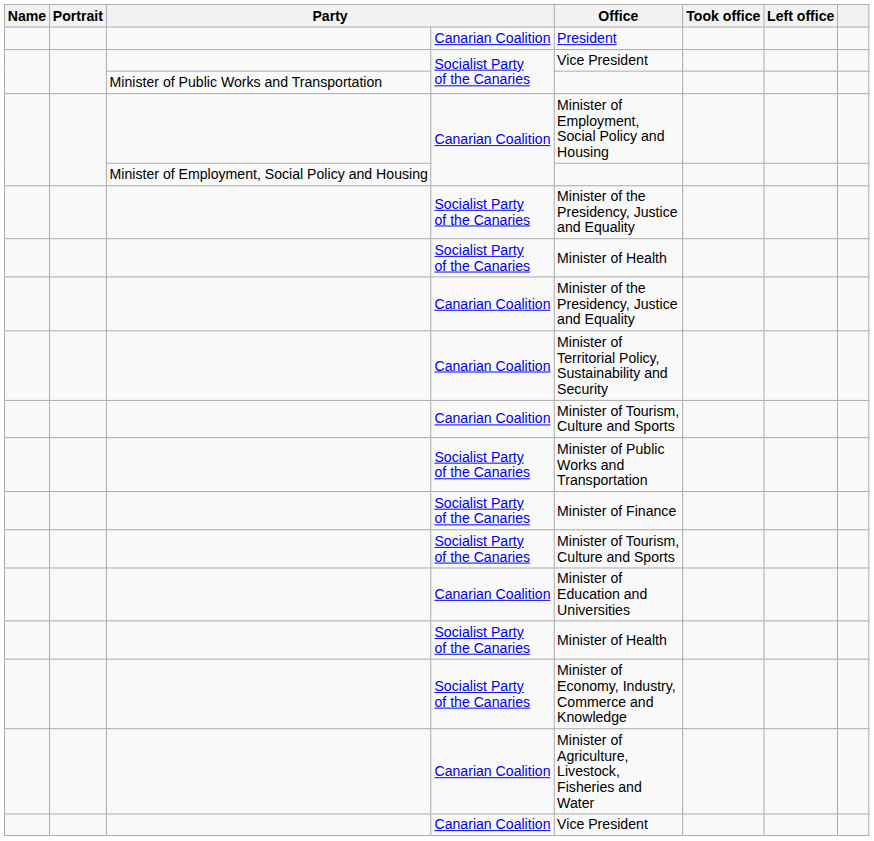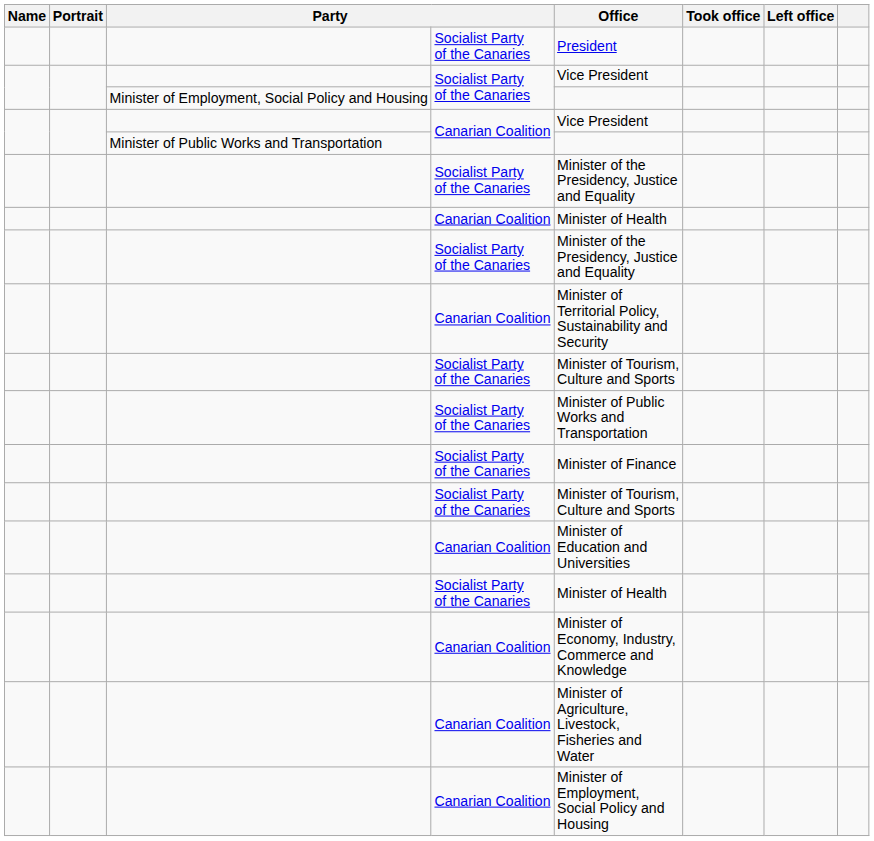 <table class="wikitable plainrowheaders sortable" style="font-size:90%; text-align:left;">
 <tr>
 <th scope=col>Name</th>
 <th scope=col class=unsortable>Portrait</th>
 <th scope=col colspan="2">Party</th>
 <th scope=col width=125px>Office</th>
 <th scope=col>Took office</th>
 <th scope=col>Left office</th>
 <th scope=col width=25px class=unsortable></th>
 </tr>
 <tr>
 <td style="white-space: nowrap;"></td>
 <td align=center></td>
 <td !align="center" style="background:"></td>
-<td><a href='#'>Canarian Coalition</a></td>
+<td><a href='#'>Socialist Party<br>of the Canaries</a></td>
 <td><a href='#'>President</a></td>
 <td align=center></td>
 <td align=center></td>
 <td align=center></td>
 </tr>
 <tr>
 <td style="white-space: nowrap;" rowspan=2></td>
 <td align=center rowspan=2></td>
 <td !align="center" style="background:"></td>
 <td rowspan=2><a href='#'>Socialist Party<br>of the Canaries</a></td>
 <td>Vice President</td>
 <td align=center></td>
 <td align=center></td>
 <td align=center></td>
 </tr>
 <tr>
-<td>Minister of Public Works and Transportation</td>
+<td>Minister of Employment, Social Policy and Housing</td>
 <td align=center></td>
 <td align=center></td>
 <td align=center></td>
 </tr>
 <tr>
 <td style="white-space: nowrap;" rowspan=2></td>
 <td align=center rowspan=2></td>
 <td !align="center" style="background:"></td>
 <td rowspan=2><a href='#'>Canarian Coalition</a></td>
-<td>Minister of Employment, Social Policy and Housing</td>
+<td>Vice President</td>
 <td align=center></td>
 <td align=center></td>
 <td align=center></td>
 </tr>
 <tr>
-<td>Minister of Employment, Social Policy and Housing</td>
+<td>Minister of Public Works and Transportation</td>
 <td align=center></td>
 <td align=center></td>
 <td align=center></td>
 </tr>
 <tr>
 <td style="white-space: nowrap;"></td>
 <td align=center></td>
 <td !align="center" style="background:"></td>
 <td><a href='#'>Socialist Party<br>of the Canaries</a></td>
 <td>Minister of the Presidency, Justice and Equality</td>
 <td align=center></td>
 <td align=center></td>
 <td align=center></td>
 </tr>
 <tr>
 <td style="white-space: nowrap;"></td>
 <td align=center></td>
 <td !align="center" style="background:"></td>
-<td><a href='#'>Socialist Party<br>of the Canaries</a></td>
+<td><a href='#'>Canarian Coalition</a></td>
 <td>Minister of Health</td>
 <td align=center></td>
 <td align=center></td>
 <td align=center></td>
 </tr>
 <tr>
 <td style="white-space: nowrap;"></td>
 <td align=center></td>
 <td !align="center" style="background:"></td>
-<td><a href='#'>Canarian Coalition</a></td>
+<td><a href='#'>Socialist Party<br>of the Canaries</a></td>
 <td>Minister of the Presidency, Justice and Equality</td>
 <td align=center></td>
 <td align=center></td>
 <td align=center></td>
 </tr>
 <tr>
 <td style="white-space: nowrap;"></td>
 <td align=center></td>
 <td !align="center" style="background:"></td>
 <td><a href='#'>Canarian Coalition</a></td>
 <td>Minister of Territorial Policy, Sustainability and Security</td>
 <td align=center></td>
 <td align=center></td>
 <td align=center></td>
 </tr>
 <tr>
 <td style="white-space: nowrap;"></td>
 <td align=center></td>
 <td !align="center" style="background:"></td>
-<td><a href='#'>Canarian Coalition</a></td>
+<td><a href='#'>Socialist Party<br>of the Canaries</a></td>
 <td>Minister of Tourism, Culture and Sports</td>
 <td align=center></td>
 <td align=center></td>
 <td align=center><br></td>
 </tr>
 <tr>
 <td style="white-space: nowrap;"></td>
 <td align=center></td>
 <td !align="center" style="background:"></td>
 <td><a href='#'>Socialist Party<br>of the Canaries</a></td>
 <td>Minister of Public Works and Transportation</td>
 <td align=center></td>
 <td align=center></td>
 <td align=center></td>
 </tr>
 <tr>
 <td style="white-space: nowrap;"></td>
 <td align=center></td>
 <td !align="center" style="background:"></td>
 <td><a href='#'>Socialist Party<br>of the Canaries</a></td>
 <td>Minister of Finance</td>
 <td align=center></td>
 <td align=center></td>
 <td align=center></td>
 </tr>
 <tr>
 <td style="white-space: nowrap;"></td>
 <td align=center></td>
 <td !align="center" style="background:"></td>
 <td><a href='#'>Socialist Party<br>of the Canaries</a></td>
 <td>Minister of Tourism, Culture and Sports</td>
 <td align=center></td>
 <td align=center></td>
 <td align=center></td>
 </tr>
 <tr>
 <td style="white-space: nowrap;"></td>
 <td align=center></td>
 <td !align="center" style="background:"></td>
 <td><a href='#'>Canarian Coalition</a></td>
 <td>Minister of Education and Universities</td>
 <td align=center></td>
 <td align=center></td>
 <td align=center></td>
 </tr>
 <tr>
 <td style="white-space: nowrap;"></td>
 <td align=center></td>
 <td !align="center" style="background:"></td>
 <td><a href='#'>Socialist Party<br>of the Canaries</a></td>
 <td>Minister of Health</td>
 <td align=center></td>
 <td align=center></td>
 <td align=center></td>
 </tr>
 <tr>
 <td style="white-space: nowrap;"></td>
 <td align=center></td>
 <td !align="center" style="background:"></td>
-<td><a href='#'>Socialist Party<br>of the Canaries</a></td>
+<td><a href='#'>Canarian Coalition</a></td>
 <td>Minister of Economy, Industry, Commerce and Knowledge</td>
 <td align=center></td>
 <td align=center></td>
 <td align=center></td>
 </tr>
 <tr>
 <td style="white-space: nowrap;"></td>
 <td align=center></td>
 <td !align="center" style="background:"></td>
 <td><a href='#'>Canarian Coalition</a></td>
 <td>Minister of Agriculture, Livestock, Fisheries and Water</td>
 <td align=center></td>
 <td align=center></td>
 <td align=center></td>
 </tr>
 <tr>
 <td style="white-space: nowrap;"></td>
 <td align=center></td>
 <td !align="center" style="background:"></td>
 <td><a href='#'>Canarian Coalition</a></td>
-<td>Vice President</td>
+<td>Minister of Employment, Social Policy and Housing</td>
 <td align=center></td>
 <td align=center></td>
 <td align=center></td>
 </tr>
 </table>
